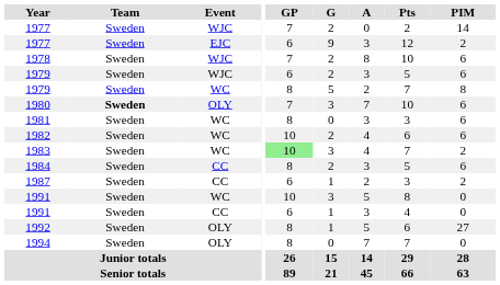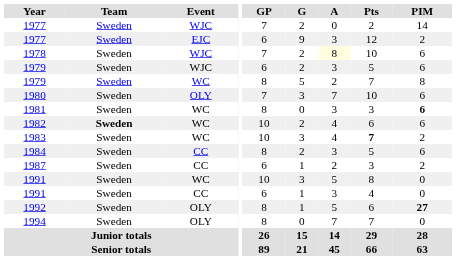 <table border="0" cellpadding="1" cellspacing="0" ID="Table3" style="text-align:center; width:40em">
 <tr bgcolor="#e0e0e0">
 <th>Year</th>
 <th>Team</th>
 <th>Event</th>
 <th rowspan="102" bgcolor="#ffffff"></th>
 <th>GP</th>
 <th>G</th>
 <th>A</th>
 <th>Pts</th>
 <th>PIM</th>
 </tr>
 <tr>
 <td><a href='#'>1977</a></td>
 <td><a href='#'>Sweden</a></td>
 <td><a href='#'>WJC</a></td>
 <td>7</td>
 <td>2</td>
 <td>0</td>
 <td>2</td>
 <td>14</td>
 </tr>
 <tr bgcolor="#f0f0f0">
 <td><a href='#'>1977</a></td>
 <td><a href='#'>Sweden</a></td>
 <td><a href='#'>EJC</a></td>
 <td>6</td>
 <td>9</td>
 <td>3</td>
 <td>12</td>
 <td>2</td>
 </tr>
 <tr>
 <td><a href='#'>1978</a></td>
 <td>Sweden</td>
 <td><a href='#'>WJC</a></td>
 <td>7</td>
 <td>2</td>
-<td>8</td>
+<td style="background: lightyellow;">8</td>
 <td>10</td>
 <td>6</td>
 </tr>
 <tr bgcolor="#f0f0f0">
 <td><a href='#'>1979</a></td>
 <td>Sweden</td>
 <td>WJC</td>
 <td>6</td>
 <td>2</td>
 <td>3</td>
 <td>5</td>
 <td>6</td>
 </tr>
 <tr>
 <td><a href='#'>1979</a></td>
 <td><a href='#'>Sweden</a></td>
 <td><a href='#'>WC</a></td>
 <td>8</td>
 <td>5</td>
 <td>2</td>
 <td>7</td>
 <td>8</td>
 </tr>
 <tr bgcolor="#f0f0f0">
 <td><a href='#'>1980</a></td>
-<td><strong>Sweden</strong></td>
+<td>Sweden</td>
 <td><a href='#'>OLY</a></td>
 <td>7</td>
 <td>3</td>
 <td>7</td>
 <td>10</td>
 <td>6</td>
 </tr>
 <tr>
 <td><a href='#'>1981</a></td>
 <td>Sweden</td>
 <td>WC</td>
 <td>8</td>
 <td>0</td>
 <td>3</td>
 <td>3</td>
-<td>6</td>
+<td><strong>6</strong></td>
 </tr>
 <tr bgcolor="#f0f0f0">
 <td><a href='#'>1982</a></td>
-<td>Sweden</td>
+<td><strong>Sweden</strong></td>
 <td>WC</td>
 <td>10</td>
 <td>2</td>
 <td>4</td>
 <td>6</td>
 <td>6</td>
 </tr>
 <tr>
 <td><a href='#'>1983</a></td>
 <td>Sweden</td>
 <td>WC</td>
-<td style="background: lightgreen;">10</td>
+<td>10</td>
 <td>3</td>
 <td>4</td>
-<td>7</td>
+<td><strong>7</strong></td>
 <td>2</td>
 </tr>
 <tr bgcolor="#f0f0f0">
 <td><a href='#'>1984</a></td>
 <td>Sweden</td>
 <td><a href='#'>CC</a></td>
 <td>8</td>
 <td>2</td>
 <td>3</td>
 <td>5</td>
 <td>6</td>
 </tr>
 <tr>
 <td><a href='#'>1987</a></td>
 <td>Sweden</td>
 <td>CC</td>
 <td>6</td>
 <td>1</td>
 <td>2</td>
 <td>3</td>
 <td>2</td>
 </tr>
 <tr bgcolor="#f0f0f0">
 <td><a href='#'>1991</a></td>
 <td>Sweden</td>
 <td>WC</td>
 <td>10</td>
 <td>3</td>
 <td>5</td>
 <td>8</td>
 <td>0</td>
 </tr>
 <tr>
 <td><a href='#'>1991</a></td>
 <td>Sweden</td>
 <td>CC</td>
 <td>6</td>
 <td>1</td>
 <td>3</td>
 <td>4</td>
 <td>0</td>
 </tr>
 <tr bgcolor="#f0f0f0">
 <td><a href='#'>1992</a></td>
 <td>Sweden</td>
 <td>OLY</td>
 <td>8</td>
 <td>1</td>
 <td>5</td>
 <td>6</td>
-<td>27</td>
+<td><strong>27</strong></td>
 </tr>
 <tr>
 <td><a href='#'>1994</a></td>
 <td>Sweden</td>
 <td>OLY</td>
 <td>8</td>
 <td>0</td>
 <td>7</td>
 <td>7</td>
 <td>0</td>
 </tr>
 <tr bgcolor="#e0e0e0">
 <th colspan=3>Junior totals</th>
 <th>26</th>
 <th>15</th>
 <th>14</th>
 <th>29</th>
 <th>28</th>
 </tr>
 <tr bgcolor="#e0e0e0">
 <th colspan=3>Senior totals</th>
 <th>89</th>
 <th>21</th>
 <th>45</th>
 <th>66</th>
 <th>63</th>
 </tr>
 </table>
